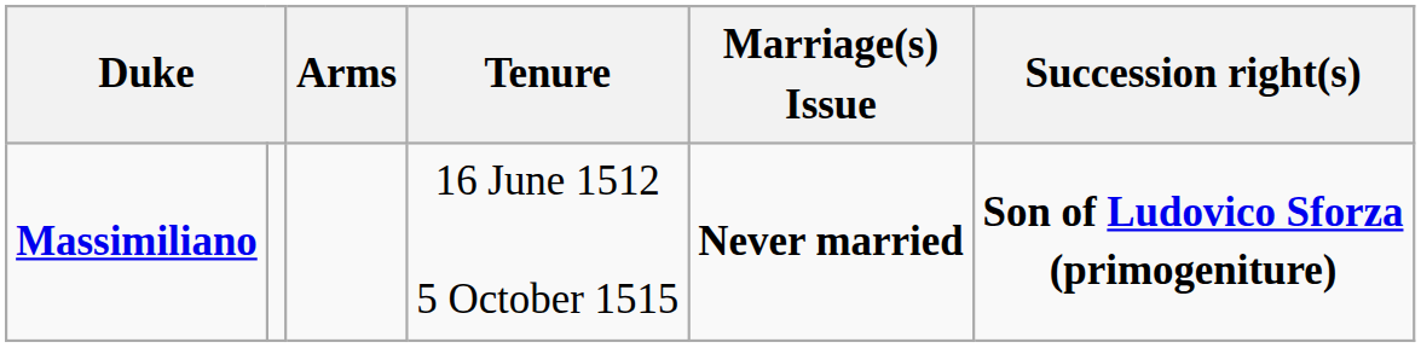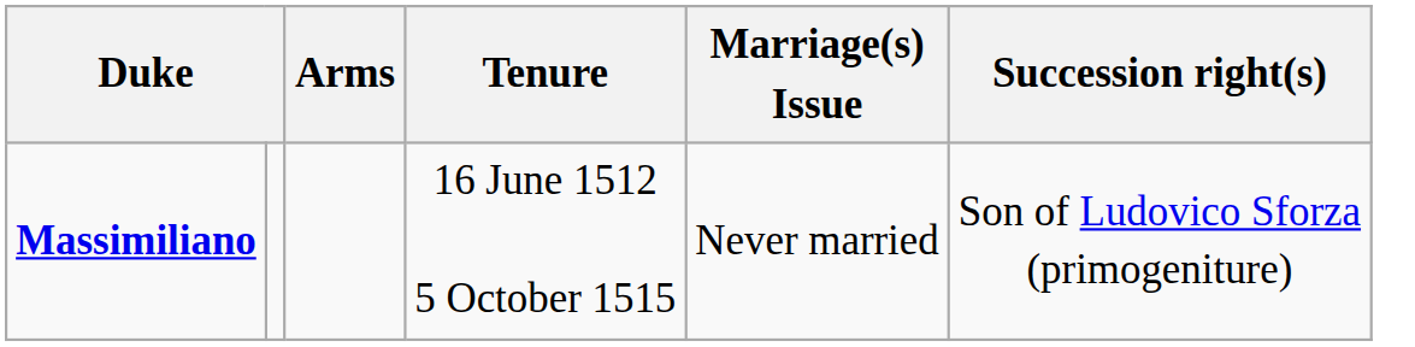 <table class="wikitable" style="line-height:1.4em; text-align:center">
 <tr>
 <th colspan=2>Duke</th>
 <th>Arms</th>
 <th>Tenure</th>
 <th>Marriage(s)<br>Issue</th>
 <th>Succession right(s)</th>
 </tr>
 <tr>
 <td><strong><a href='#'>Massimiliano</a></strong><br></td>
 <td></td>
 <td></td>
 <td>16 June 1512<br><br>5 October 1515</td>
-<td><strong> Never married</strong></td>
-<td><strong>Son of <a href='#'>Ludovico Sforza</a><br>(primogeniture)</strong></td>
+<td> Never married</td>
+<td>Son of <a href='#'>Ludovico Sforza</a><br>(primogeniture)</td>
 </tr>
 </table>
